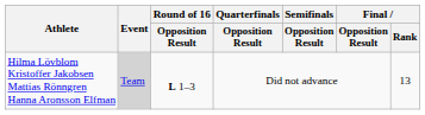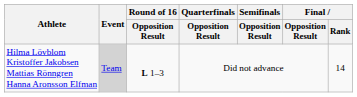 <table class="wikitable" style="font-size:90%">
 <tr>
 <th rowspan="2">Athlete</th>
 <th rowspan="2">Event</th>
 <th>Round of 16</th>
 <th>Quarterfinals</th>
 <th>Semifinals</th>
 <th colspan=2>Final / </th>
 </tr>
 <tr style="font-size:95%">
 <th>Opposition<br>Result</th>
 <th>Opposition<br>Result</th>
 <th>Opposition<br>Result</th>
 <th>Opposition<br>Result</th>
 <th>Rank</th>
 </tr>
 <tr align=center>
 <td align="left"><a href='#'>Hilma Lövblom</a><br><a href='#'>Kristoffer Jakobsen</a><br><a href='#'>Mattias Rönngren</a><br><a href='#'>Hanna Aronsson Elfman</a></td>
 <td align="left" style="background: lightgrey;"><a href='#'>Team</a></td>
 <td><br><strong>L</strong> 1–3</td>
 <td colspan=3>Did not advance</td>
-<td>13</td>
+<td>14</td>
 </tr>
 </table>
